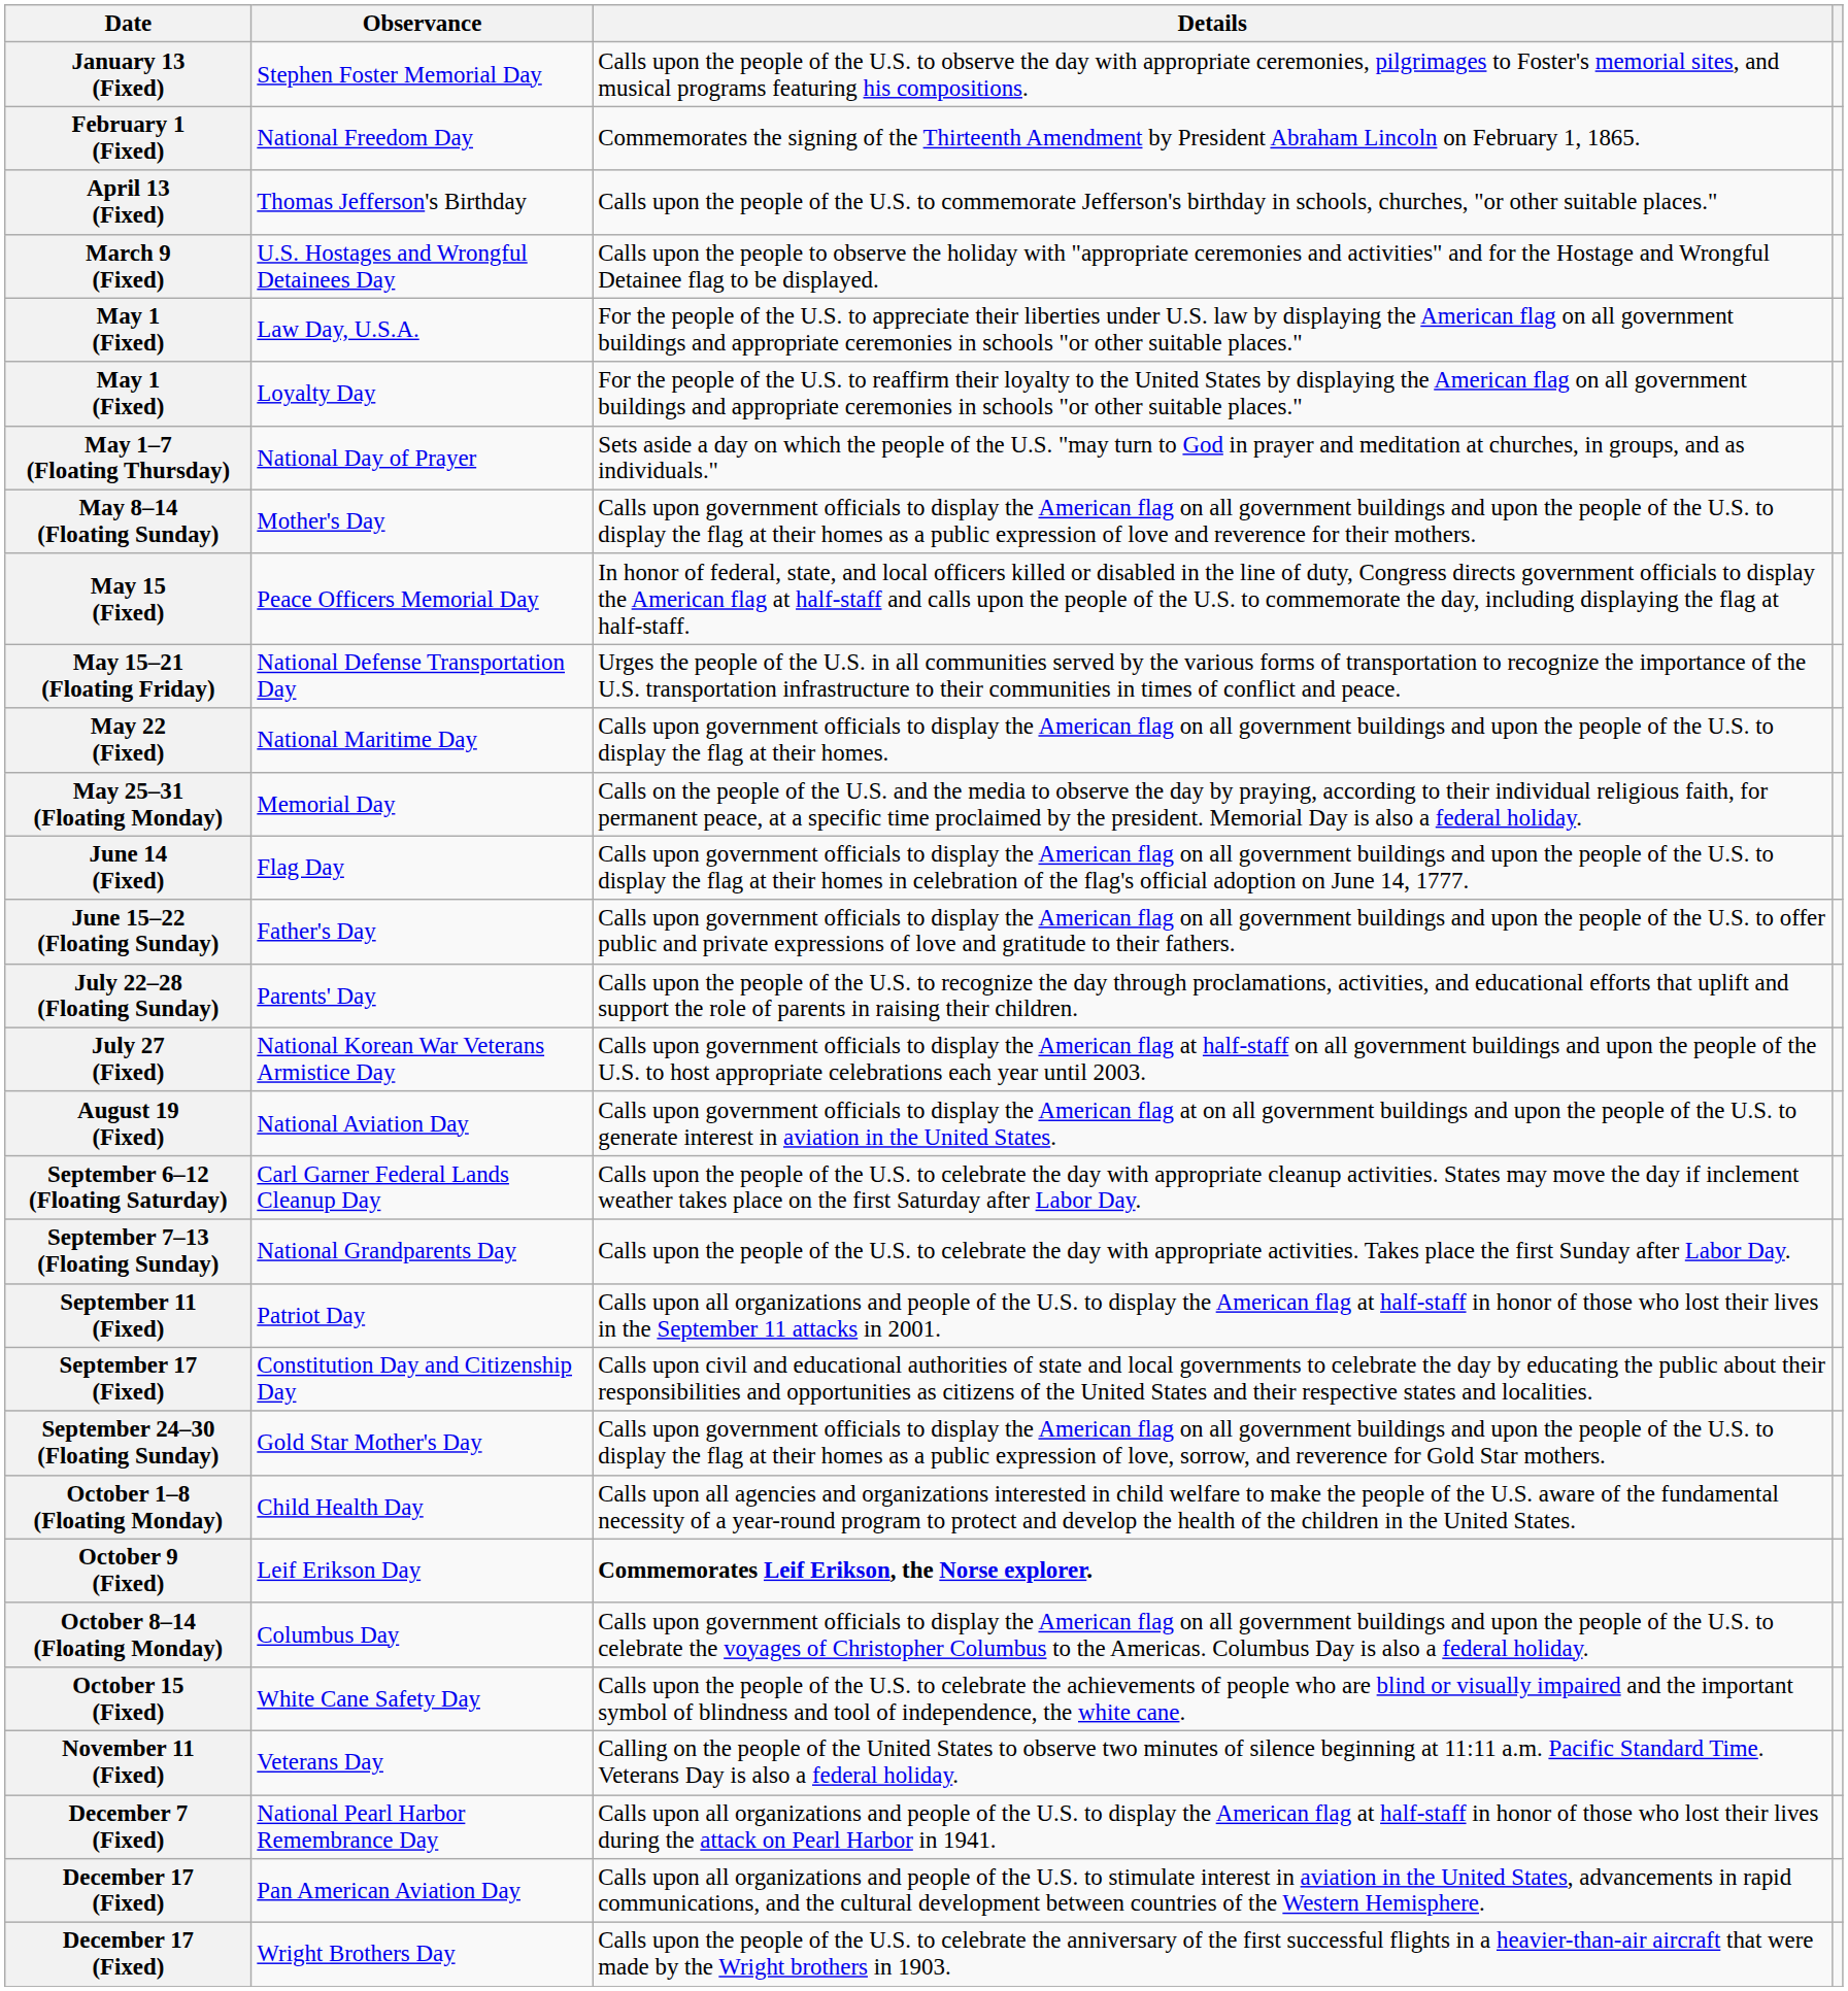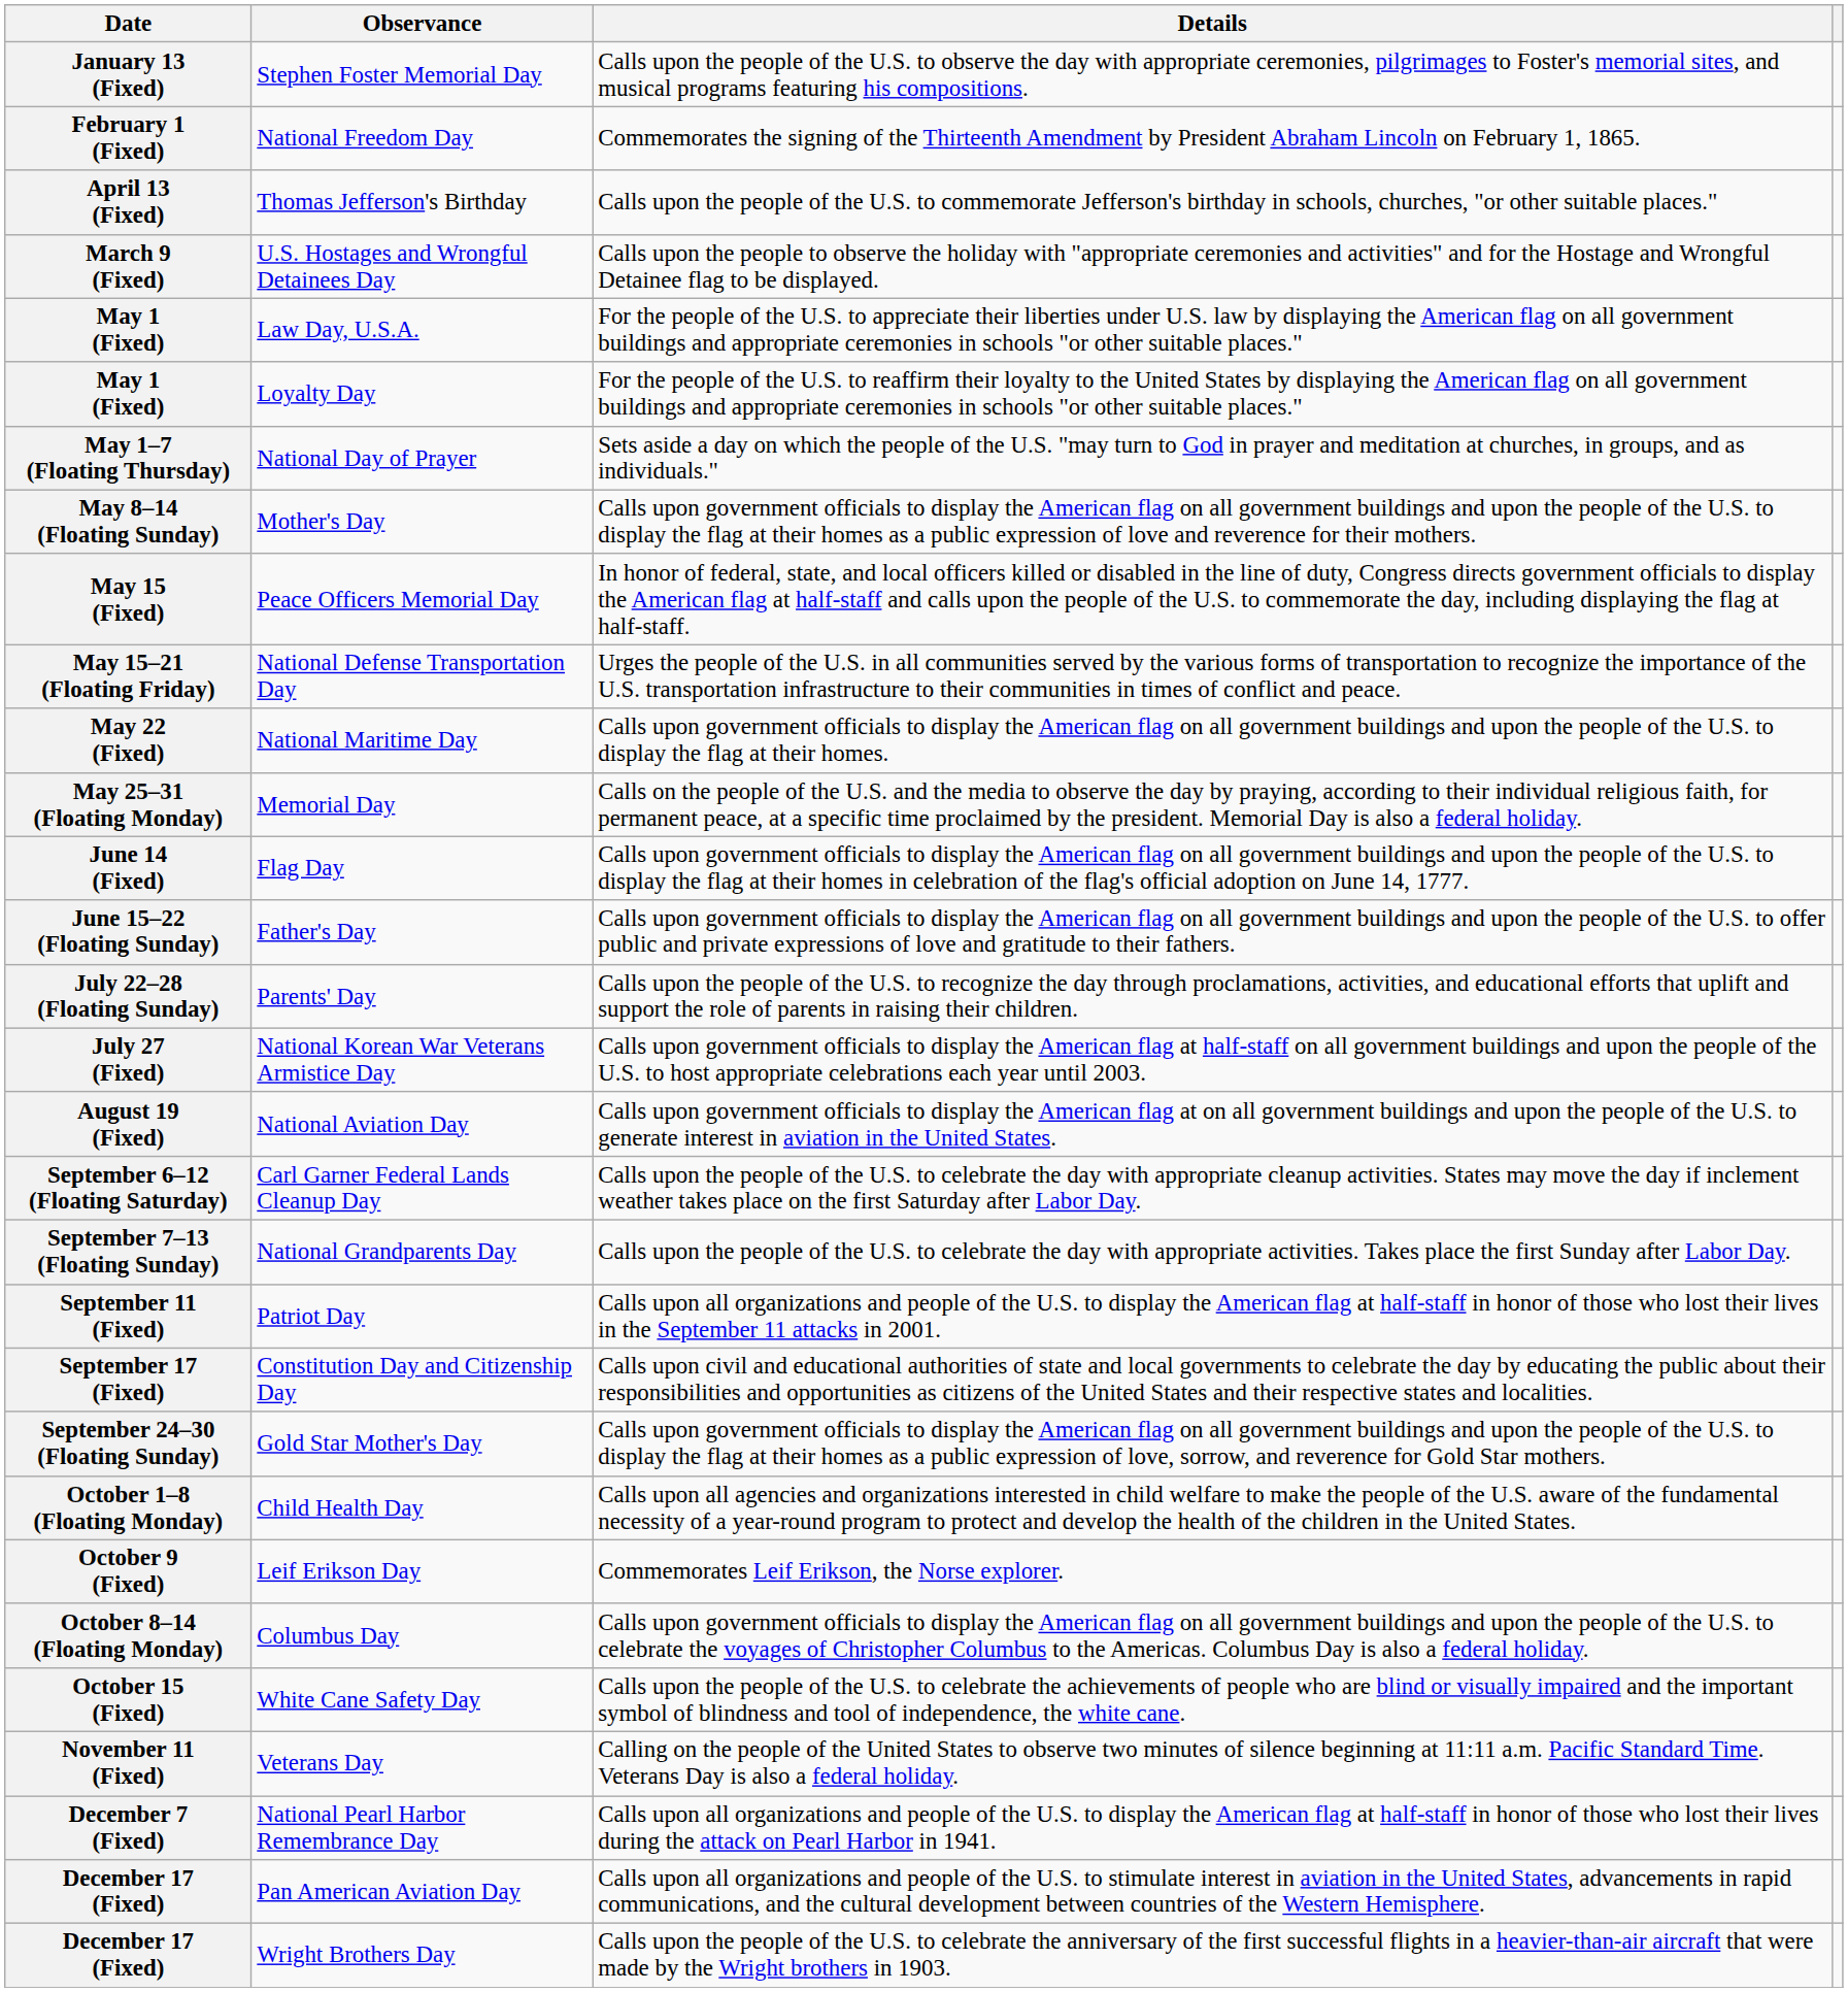 <table class="wikitable">
 <tr>
 <th scope="col" style="width: 10em;">Date</th>
 <th scope="col" style="width: 14em;">Observance</th>
 <th scope="col" class="unsortable">Details</th>
 <th scope="col"></th>
 </tr>
 <tr>
 <th scope="row">January 13<br>(Fixed)</th>
 <td><a href='#'>Stephen Foster Memorial Day</a></td>
 <td>Calls upon the people of the U.S. to observe the day with appropriate ceremonies, <a href='#'>pilgrimages</a> to Foster's <a href='#'>memorial sites</a>, and musical programs featuring <a href='#'>his compositions</a>.</td>
 <td></td>
 </tr>
 <tr>
 <th scope="row">February 1<br>(Fixed)</th>
 <td><a href='#'>National Freedom Day</a></td>
 <td>Commemorates the signing of the <a href='#'>Thirteenth Amendment</a> by President <a href='#'>Abraham Lincoln</a> on February 1, 1865.</td>
 <td></td>
 </tr>
 <tr>
 <th scope="row">April 13<br>(Fixed)</th>
 <td><a href='#'>Thomas Jefferson</a>'s Birthday</td>
 <td>Calls upon the people of the U.S. to commemorate Jefferson's birthday in schools, churches, "or other suitable places."</td>
 <td></td>
 </tr>
 <tr>
 <th>March 9<br>(Fixed)</th>
 <td><a href='#'>U.S. Hostages and Wrongful Detainees Day</a></td>
 <td>Calls upon the people to observe the holiday with "appropriate ceremonies and activities" and for the Hostage and Wrongful Detainee flag to be displayed. </td>
 <td></td>
 </tr>
 <tr>
 <th scope="row">May 1<br>(Fixed)</th>
 <td><a href='#'>Law Day, U.S.A.</a></td>
 <td>For the people of the U.S. to appreciate their liberties under U.S. law by displaying the <a href='#'>American flag</a> on all government buildings and appropriate ceremonies in schools "or other suitable places."</td>
 <td></td>
 </tr>
 <tr>
 <th scope="row">May 1<br>(Fixed)</th>
 <td><a href='#'>Loyalty Day</a></td>
 <td>For the people of the U.S. to reaffirm their loyalty to the United States by displaying the <a href='#'>American flag</a> on all government buildings and appropriate ceremonies in schools "or other suitable places."</td>
 <td></td>
 </tr>
 <tr>
 <th scope="row">May 1–7<br>(Floating Thursday)</th>
 <td><a href='#'>National Day of Prayer</a></td>
 <td>Sets aside a day on which the people of the U.S. "may turn to <a href='#'>God</a> in prayer and meditation at churches, in groups, and as individuals."</td>
 <td></td>
 </tr>
 <tr>
 <th scope="row">May 8–14<br>(Floating Sunday)</th>
 <td><a href='#'>Mother's Day</a></td>
 <td>Calls upon government officials to display the <a href='#'>American flag</a> on all government buildings and upon the people of the U.S. to display the flag at their homes as a public expression of love and reverence for their mothers.</td>
 <td></td>
 </tr>
 <tr>
 <th scope="row">May 15<br>(Fixed)</th>
 <td><a href='#'>Peace Officers Memorial Day</a></td>
 <td>In honor of federal, state, and local officers killed or disabled in the line of duty, Congress directs government officials to display the <a href='#'>American flag</a> at <a href='#'>half-staff</a> and calls upon the people of the U.S. to commemorate the day, including displaying the flag at half-staff.</td>
 <td></td>
 </tr>
 <tr>
 <th scope="row">May 15–21<br>(Floating Friday)</th>
 <td><a href='#'>National Defense Transportation Day</a></td>
 <td>Urges the people of the U.S. in all communities served by the various forms of transportation to recognize the importance of the U.S. transportation infrastructure to their communities in times of conflict and peace.</td>
 <td></td>
 </tr>
 <tr>
 <th scope="row">May 22<br>(Fixed)</th>
 <td><a href='#'>National Maritime Day</a></td>
 <td>Calls upon government officials to display the <a href='#'>American flag</a> on all government buildings and upon the people of the U.S. to display the flag at their homes.</td>
 <td></td>
 </tr>
 <tr>
 <th scope="row">May 25–31<br>(Floating Monday)</th>
 <td><a href='#'>Memorial Day</a></td>
 <td>Calls on the people of the U.S. and the media to observe the day by praying, according to their individual religious faith, for permanent peace, at a specific time proclaimed by the president. Memorial Day is also a <a href='#'>federal holiday</a>.</td>
 <td></td>
 </tr>
 <tr>
 <th scope="row">June 14<br>(Fixed)</th>
 <td><a href='#'>Flag Day</a></td>
 <td>Calls upon government officials to display the <a href='#'>American flag</a> on all government buildings and upon the people of the U.S. to display the flag at their homes in celebration of the flag's official adoption on June 14, 1777.</td>
 <td></td>
 </tr>
 <tr>
 <th scope="row">June 15–22<br>(Floating Sunday)</th>
 <td><a href='#'>Father's Day</a></td>
 <td>Calls upon government officials to display the <a href='#'>American flag</a> on all government buildings and upon the people of the U.S. to offer public and private expressions of love and gratitude to their fathers.</td>
 <td></td>
 </tr>
 <tr>
 <th scope="row">July 22–28<br>(Floating Sunday)</th>
 <td><a href='#'>Parents' Day</a></td>
 <td>Calls upon the people of the U.S. to recognize the day through proclamations, activities, and educational efforts that uplift and support the role of parents in raising their children.</td>
 <td></td>
 </tr>
 <tr>
 <th scope="row">July 27<br>(Fixed)</th>
 <td><a href='#'>National Korean War Veterans Armistice Day</a></td>
 <td>Calls upon government officials to display the <a href='#'>American flag</a> at <a href='#'>half-staff</a> on all government buildings and upon the people of the U.S. to host appropriate celebrations each year until 2003.</td>
 <td></td>
 </tr>
 <tr>
 <th scope="row">August 19<br>(Fixed)</th>
 <td><a href='#'>National Aviation Day</a></td>
 <td>Calls upon government officials to display the <a href='#'>American flag</a> at on all government buildings and upon the people of the U.S. to generate interest in <a href='#'>aviation in the United States</a>.</td>
 <td></td>
 </tr>
 <tr>
 <th scope="row">September 6–12<br>(Floating Saturday)</th>
 <td><a href='#'>Carl Garner Federal Lands Cleanup Day</a></td>
 <td>Calls upon the people of the U.S. to celebrate the day with appropriate cleanup activities. States may move the day if inclement weather takes place on the first Saturday after <a href='#'>Labor Day</a>.</td>
 <td></td>
 </tr>
 <tr>
 <th scope="row">September 7–13<br>(Floating Sunday)</th>
 <td><a href='#'>National Grandparents Day</a></td>
 <td>Calls upon the people of the U.S. to celebrate the day with appropriate activities. Takes place the first Sunday after <a href='#'>Labor Day</a>.</td>
 <td></td>
 </tr>
 <tr>
 <th scope="row">September 11<br>(Fixed)</th>
 <td><a href='#'>Patriot Day</a></td>
 <td>Calls upon all organizations and people of the U.S. to display the <a href='#'>American flag</a> at <a href='#'>half-staff</a> in honor of those who lost their lives in the <a href='#'>September 11 attacks</a> in 2001.</td>
 <td></td>
 </tr>
 <tr>
 <th scope="row">September 17<br>(Fixed)</th>
 <td><a href='#'>Constitution Day and Citizenship Day</a></td>
 <td>Calls upon civil and educational authorities of state and local governments to celebrate the day by educating the public about their responsibilities and opportunities as citizens of the United States and their respective states and localities.</td>
 <td></td>
 </tr>
 <tr>
 <th scope="row">September 24–30<br>(Floating Sunday)</th>
 <td><a href='#'>Gold Star Mother's Day</a></td>
 <td>Calls upon government officials to display the <a href='#'>American flag</a> on all government buildings and upon the people of the U.S. to display the flag at their homes as a public expression of love, sorrow, and reverence for Gold Star mothers.</td>
 <td></td>
 </tr>
 <tr>
 <th scope="row">October 1–8<br>(Floating Monday)</th>
 <td><a href='#'>Child Health Day</a></td>
 <td>Calls upon all agencies and organizations interested in child welfare to make the people of the U.S. aware of the fundamental necessity of a year-round program to protect and develop the health of the children in the United States.</td>
 <td></td>
 </tr>
 <tr>
 <th scope="row">October 9<br>(Fixed)</th>
 <td><a href='#'>Leif Erikson Day</a></td>
-<td><strong>Commemorates <a href='#'>Leif Erikson</a>, the <a href='#'>Norse explorer</a>.</strong></td>
+<td>Commemorates <a href='#'>Leif Erikson</a>, the <a href='#'>Norse explorer</a>.</td>
 <td></td>
 </tr>
 <tr>
 <th scope="row">October 8–14<br>(Floating Monday)</th>
 <td><a href='#'>Columbus Day</a></td>
 <td>Calls upon government officials to display the <a href='#'>American flag</a> on all government buildings and upon the people of the U.S. to celebrate the <a href='#'>voyages of Christopher Columbus</a> to the Americas. Columbus Day is also a <a href='#'>federal holiday</a>.</td>
 <td></td>
 </tr>
 <tr>
 <th scope="row">October 15<br>(Fixed)</th>
 <td><a href='#'>White Cane Safety Day</a></td>
 <td>Calls upon the people of the U.S. to celebrate the achievements of people who are <a href='#'>blind or visually impaired</a> and the important symbol of blindness and tool of independence, the <a href='#'>white cane</a>.</td>
 <td></td>
 </tr>
 <tr>
 <th scope="row">November 11<br>(Fixed)</th>
 <td><a href='#'>Veterans Day</a></td>
 <td>Calling on the people of the United States to observe two minutes of silence beginning at 11:11 a.m. <a href='#'>Pacific Standard Time</a>. Veterans Day is also a <a href='#'>federal holiday</a>.</td>
 <td></td>
 </tr>
 <tr>
 <th scope="row">December 7<br>(Fixed)</th>
 <td><a href='#'>National Pearl Harbor Remembrance Day</a></td>
 <td>Calls upon all organizations and people of the U.S. to display the <a href='#'>American flag</a> at <a href='#'>half-staff</a> in honor of those who lost their lives during the <a href='#'>attack on Pearl Harbor</a> in 1941.</td>
 <td></td>
 </tr>
 <tr>
 <th scope="row">December 17<br>(Fixed)</th>
 <td><a href='#'>Pan American Aviation Day</a></td>
 <td>Calls upon all organizations and people of the U.S. to stimulate interest in <a href='#'>aviation in the United States</a>, advancements in rapid communications, and the cultural development between countries of the <a href='#'>Western Hemisphere</a>.</td>
 <td></td>
 </tr>
 <tr>
 <th scope="row">December 17<br>(Fixed)</th>
 <td><a href='#'>Wright Brothers Day</a></td>
 <td>Calls upon the people of the U.S. to celebrate the anniversary of the first successful flights in a <a href='#'>heavier-than-air aircraft</a> that were made by the <a href='#'>Wright brothers</a> in 1903.</td>
 <td></td>
 </tr>
 <tr>
 </tr>
 </table>
